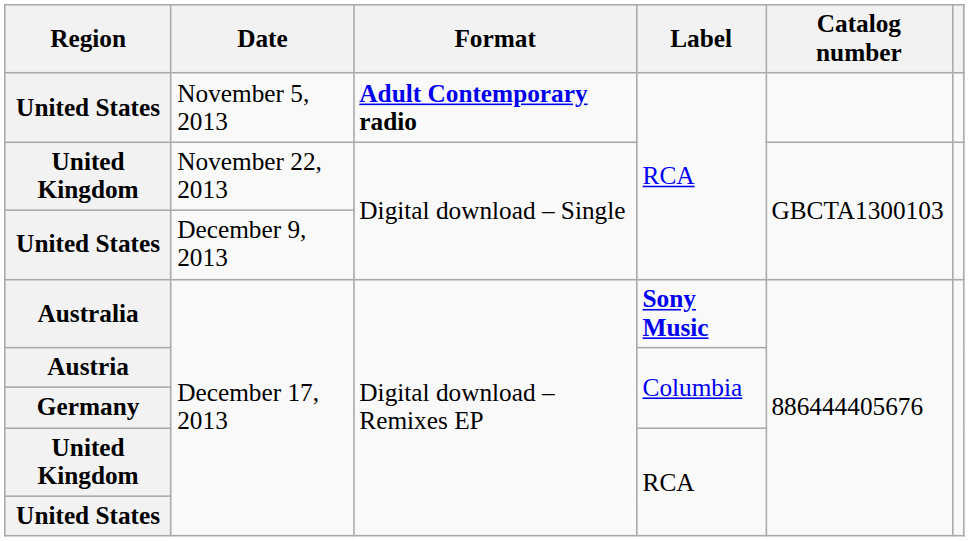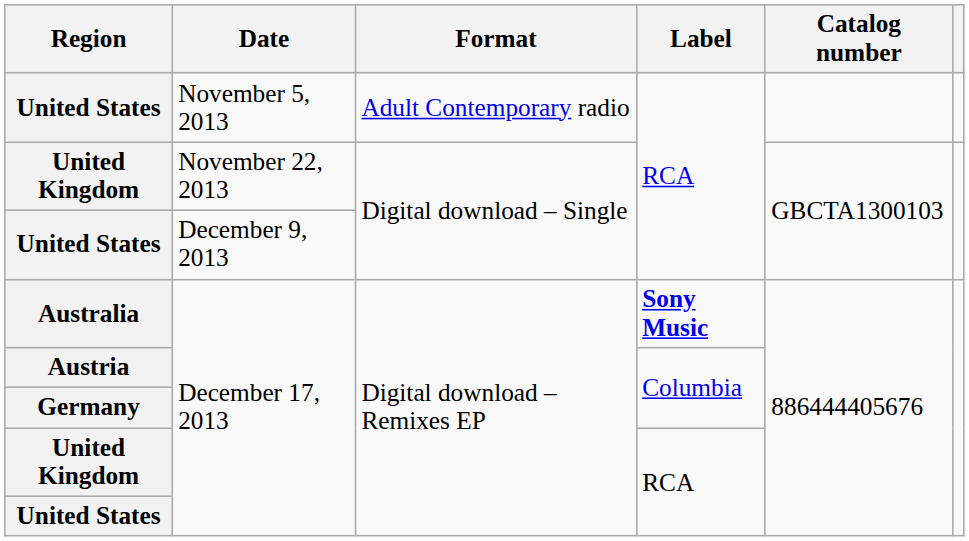 <table class="wikitable plainrowheaders">
 <tr>
 <th scope="col">Region</th>
 <th scope="col">Date</th>
 <th scope="col">Format</th>
 <th scope="col">Label</th>
 <th scope="col">Catalog number</th>
 <th scope="col"></th>
 </tr>
 <tr>
 <th scope="row">United States</th>
 <td>November 5, 2013</td>
-<td><strong><a href='#'>Adult Contemporary</a> radio</strong></td>
+<td><a href='#'>Adult Contemporary</a> radio</td>
 <td rowspan="3"><a href='#'>RCA</a></td>
 <td></td>
 <td></td>
 </tr>
 <tr>
 <th scope="row">United Kingdom</th>
 <td>November 22, 2013</td>
 <td rowspan="2">Digital download – Single</td>
 <td rowspan="2">GBCTA1300103</td>
 <td rowspan="2"></td>
 </tr>
 <tr>
 <th scope="row">United States</th>
 <td>December 9, 2013</td>
 </tr>
 <tr>
 <th scope="row">Australia</th>
 <td rowspan="5">December 17, 2013</td>
 <td rowspan="5">Digital download – Remixes EP</td>
 <td><strong><a href='#'>Sony Music</a></strong></td>
 <td rowspan="5">886444405676</td>
 <td rowspan="5"></td>
 </tr>
 <tr>
 <th scope="row">Austria</th>
 <td rowspan="2"><a href='#'>Columbia</a></td>
 </tr>
 <tr>
 <th scope="row">Germany</th>
 </tr>
 <tr>
 <th scope="row">United Kingdom</th>
 <td rowspan="2">RCA</td>
 </tr>
 <tr>
 <th scope="row">United States</th>
 </tr>
 </table>
